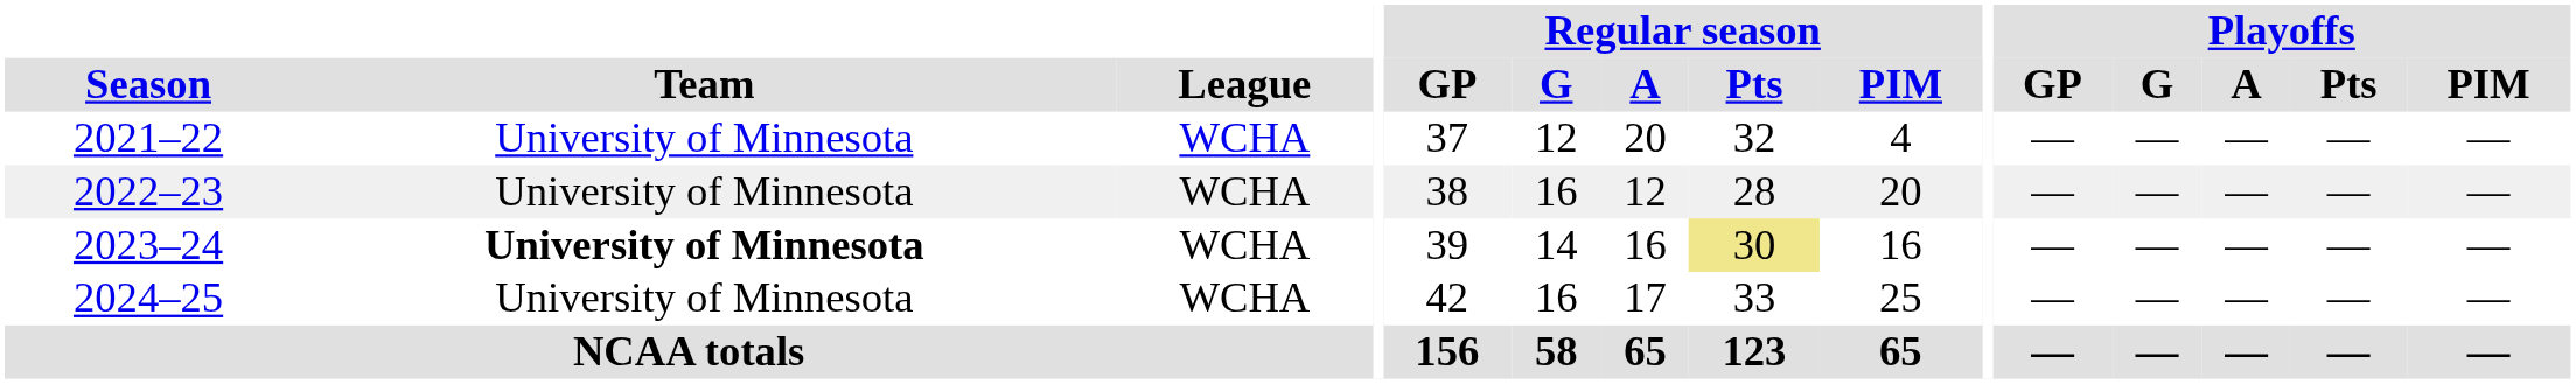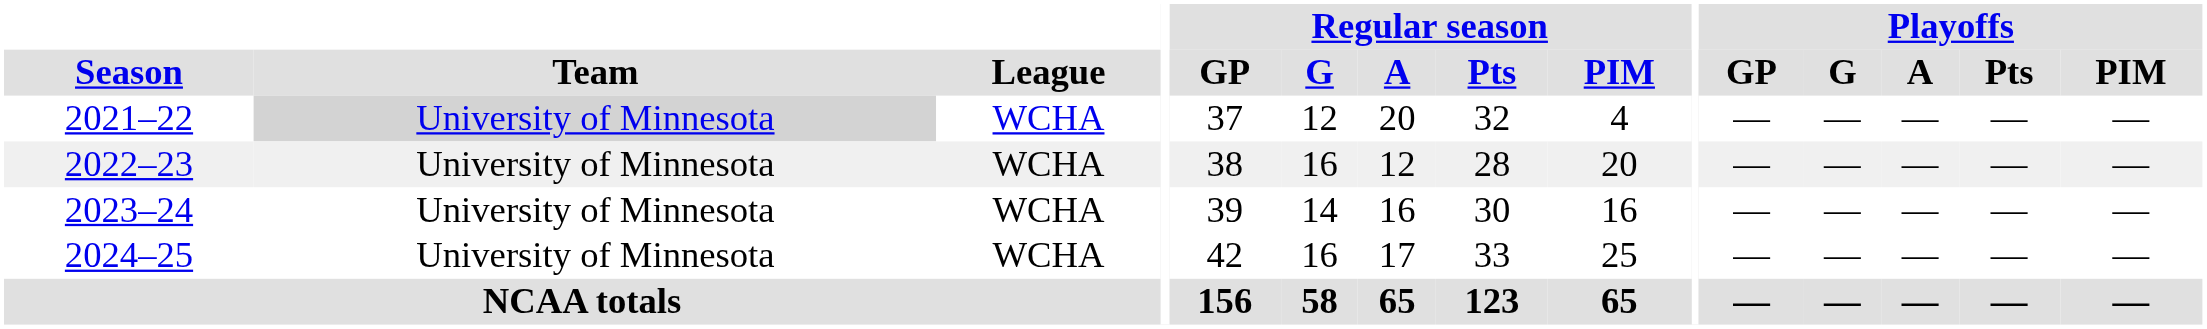 <table border="0" cellpadding="1" cellspacing="0" style="text-align:center; width:60em">
 <tr bgcolor="#e0e0e0">
 <th colspan="3" bgcolor="#ffffff"></th>
 <th rowspan="97" bgcolor="#ffffff"></th>
 <th colspan="5"><a href='#'>Regular season</a></th>
 <th rowspan="97" bgcolor="#ffffff"></th>
 <th colspan="5"><a href='#'>Playoffs</a></th>
 </tr>
 <tr bgcolor="#e0e0e0">
 <th><a href='#'>Season</a></th>
 <th>Team</th>
 <th>League</th>
 <th>GP</th>
 <th><a href='#'>G</a></th>
 <th><a href='#'>A</a></th>
 <th><a href='#'>Pts</a></th>
 <th><a href='#'>PIM</a></th>
 <th>GP</th>
 <th>G</th>
 <th>A</th>
 <th>Pts</th>
 <th>PIM</th>
 </tr>
 <tr>
 <td><a href='#'>2021–22</a></td>
-<td><a href='#'>University of Minnesota</a></td>
+<td style="background: lightgrey;"><a href='#'>University of Minnesota</a></td>
 <td><a href='#'>WCHA</a></td>
 <td>37</td>
 <td>12</td>
 <td>20</td>
 <td>32</td>
 <td>4</td>
 <td>—</td>
 <td>—</td>
 <td>—</td>
 <td>—</td>
 <td>—</td>
 </tr>
 <tr bgcolor="#f0f0f0">
 <td><a href='#'>2022–23</a></td>
 <td>University of Minnesota</td>
 <td>WCHA</td>
 <td>38</td>
 <td>16</td>
 <td>12</td>
 <td>28</td>
 <td>20</td>
 <td>—</td>
 <td>—</td>
 <td>—</td>
 <td>—</td>
 <td>—</td>
 </tr>
 <tr>
 <td><a href='#'>2023–24</a></td>
-<td><strong>University of Minnesota</strong></td>
+<td>University of Minnesota</td>
 <td>WCHA</td>
 <td>39</td>
 <td>14</td>
 <td>16</td>
-<td style="background: khaki;">30</td>
+<td>30</td>
 <td>16</td>
 <td>—</td>
 <td>—</td>
 <td>—</td>
 <td>—</td>
 <td>—</td>
 </tr>
 <tr>
 <td><a href='#'>2024–25</a></td>
 <td>University of Minnesota</td>
 <td>WCHA</td>
 <td>42</td>
 <td>16</td>
 <td>17</td>
 <td>33</td>
 <td>25</td>
 <td>—</td>
 <td>—</td>
 <td>—</td>
 <td>—</td>
 <td>—</td>
 </tr>
 <tr bgcolor="#e0e0e0">
 <th colspan="3">NCAA totals</th>
 <th>156</th>
 <th>58</th>
 <th>65</th>
 <th>123</th>
 <th>65</th>
 <th>—</th>
 <th>—</th>
 <th>—</th>
 <th>—</th>
 <th>—</th>
 </tr>
 </table>
